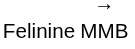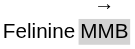 <table align="center">
 <tr align="center" valign="middle">
 <td></td>
 <td>→ </td>
 </tr>
 <tr align="center" valign="middle">
 <td>Felinine</td>
-<td>MMB</td>
+<td style="background: lightgrey;">MMB</td>
 </tr>
 </table>
